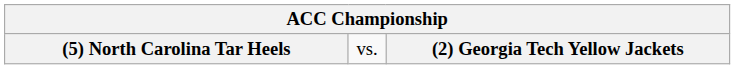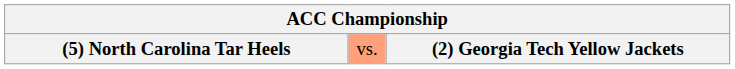 <table class="wikitable">
 <tr>
 <th style="width: 604px;" colspan=3>ACC Championship</th>
 </tr>
 <tr>
 <th style="width: 289px; ">(5) North Carolina Tar Heels</th>
-<td style="width: 25px; text-align:center">vs.</td>
+<td style="background: lightsalmon; width: 25px; text-align:center">vs.</td>
 <th style="width: 289px; ">(2) Georgia Tech Yellow Jackets</th>
 </tr>
 </table>
